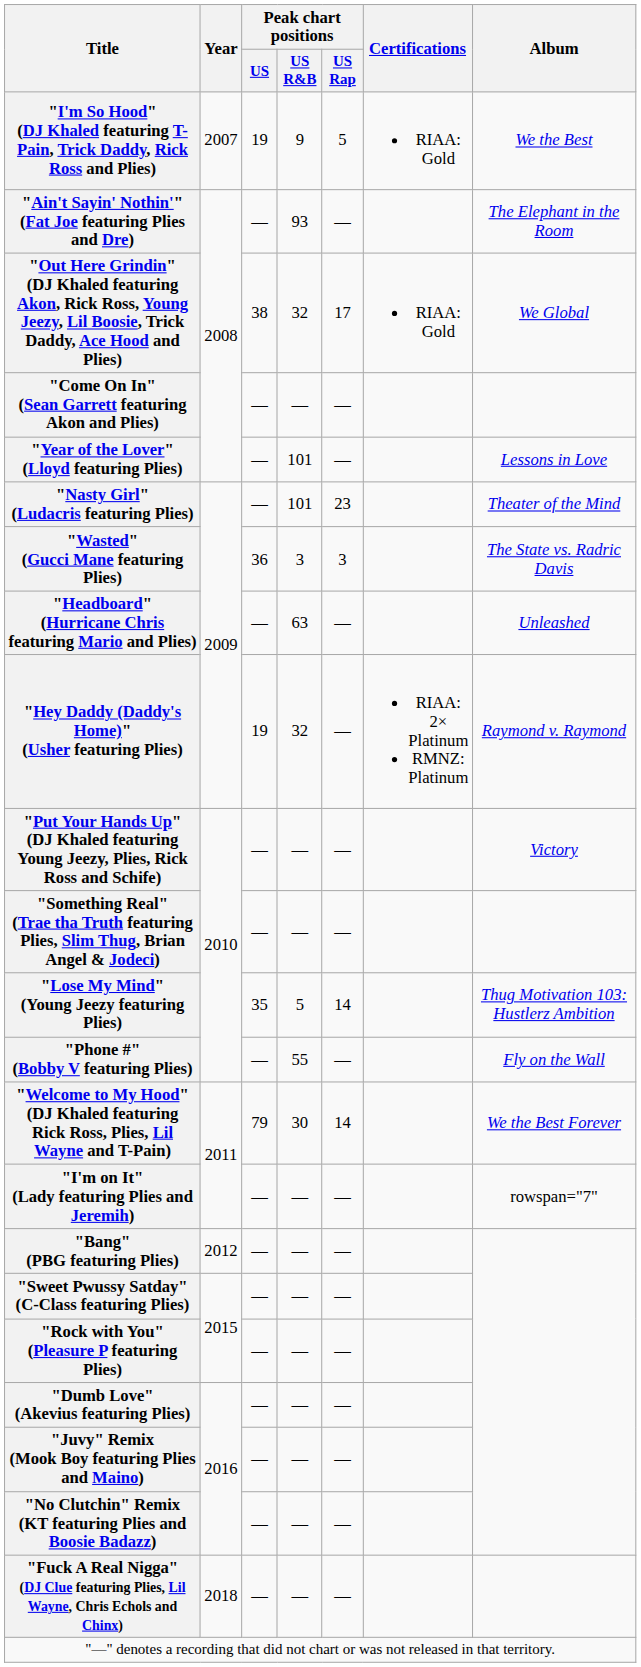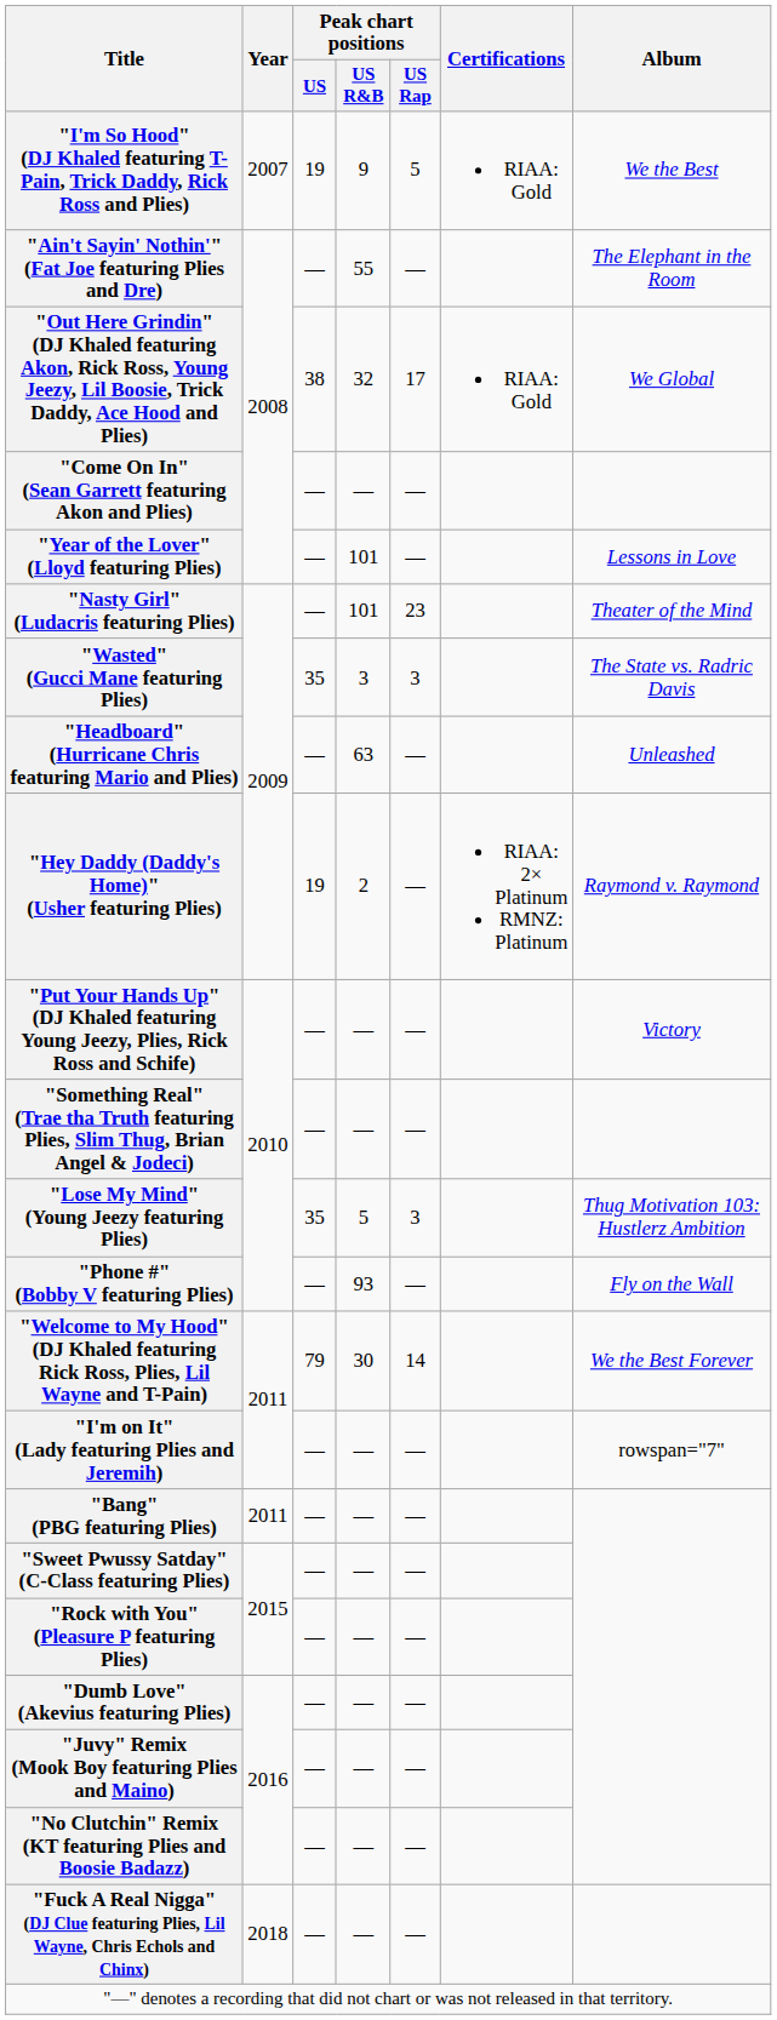 <table class="wikitable plainrowheaders" style="text-align:center;" border="1">
 <tr>
 <th scope="col" rowspan="2" style="width:20em;">Title</th>
 <th scope="col" rowspan="2">Year</th>
 <th scope="col" colspan="3">Peak chart positions</th>
 <th scope="col" rowspan="2"><a href='#'>Certifications</a></th>
 <th scope="col" rowspan="2" style="width:16em;">Album</th>
 </tr>
 <tr>
 <th style="width:3em;font-size:90%;"><a href='#'>US</a></th>
 <th style="width:3em;font-size:90%;"><a href='#'>US<br>R&B</a></th>
 <th style="width:3em;font-size:90%;"><a href='#'>US<br>Rap</a></th>
 </tr>
 <tr>
 <th scope="row">"<a href='#'>I'm So Hood</a>"<br><span>(<a href='#'>DJ Khaled</a> featuring <a href='#'>T-Pain</a>, <a href='#'>Trick Daddy</a>, <a href='#'>Rick Ross</a> and Plies)</span></th>
 <td>2007</td>
 <td>19</td>
 <td>9</td>
 <td>5</td>
 <td><br><ul><li>RIAA: Gold</li></ul></td>
 <td><em><a href='#'>We the Best</a></em></td>
 </tr>
 <tr>
 <th scope="row">"<a href='#'>Ain't Sayin' Nothin'</a>"<br><span>(<a href='#'>Fat Joe</a> featuring Plies and <a href='#'>Dre</a>)</span></th>
 <td rowspan="4">2008</td>
 <td>—</td>
-<td>93</td>
+<td>55</td>
 <td>—</td>
 <td></td>
 <td><em><a href='#'>The Elephant in the Room</a></em></td>
 </tr>
 <tr>
 <th scope="row">"<a href='#'>Out Here Grindin</a>"<br><span>(DJ Khaled featuring <a href='#'>Akon</a>, Rick Ross, <a href='#'>Young Jeezy</a>, <a href='#'>Lil Boosie</a>, Trick Daddy, <a href='#'>Ace Hood</a> and Plies)</span></th>
 <td>38</td>
 <td>32</td>
 <td>17</td>
 <td><br><ul><li>RIAA: Gold</li></ul></td>
 <td><em><a href='#'>We Global</a></em></td>
 </tr>
 <tr>
 <th scope="row">"Come On In"<br><span>(<a href='#'>Sean Garrett</a> featuring Akon and Plies)</span></th>
 <td>—</td>
 <td>—</td>
 <td>—</td>
 <td></td>
 <td></td>
 </tr>
 <tr>
 <th scope="row">"<a href='#'>Year of the Lover</a>"<br><span>(<a href='#'>Lloyd</a> featuring Plies)</span></th>
 <td>—</td>
 <td>101</td>
 <td>—</td>
 <td></td>
 <td><em><a href='#'>Lessons in Love</a></em></td>
 </tr>
 <tr>
 <th scope="row">"<a href='#'>Nasty Girl</a>"<br><span>(<a href='#'>Ludacris</a> featuring Plies)</span></th>
 <td rowspan="4">2009</td>
 <td>—</td>
 <td>101</td>
 <td>23</td>
 <td></td>
 <td><em><a href='#'>Theater of the Mind</a></em></td>
 </tr>
 <tr>
 <th scope="row">"<a href='#'>Wasted</a>"<br><span>(<a href='#'>Gucci Mane</a> featuring Plies)</span></th>
-<td>36</td>
+<td>35</td>
 <td>3</td>
 <td>3</td>
 <td></td>
 <td><em><a href='#'>The State vs. Radric Davis</a></em></td>
 </tr>
 <tr>
 <th scope="row">"<a href='#'>Headboard</a>"<br><span>(<a href='#'>Hurricane Chris</a> featuring <a href='#'>Mario</a> and Plies)</span></th>
 <td>—</td>
 <td>63</td>
 <td>—</td>
 <td></td>
 <td><em><a href='#'>Unleashed</a></em></td>
 </tr>
 <tr>
 <th scope="row">"<a href='#'>Hey Daddy (Daddy's Home)</a>"<br><span>(<a href='#'>Usher</a> featuring Plies)</span></th>
 <td>19</td>
-<td>32</td>
+<td>2</td>
 <td>—</td>
 <td><br><ul><li>RIAA: 2× Platinum</li><li>RMNZ: Platinum</li></ul></td>
 <td><em><a href='#'>Raymond v. Raymond</a></em></td>
 </tr>
 <tr>
 <th scope="row">"<a href='#'>Put Your Hands Up</a>"<br><span>(DJ Khaled featuring Young Jeezy, Plies, Rick Ross and Schife)</span></th>
 <td rowspan="4">2010</td>
 <td>—</td>
 <td>—</td>
 <td>—</td>
 <td></td>
 <td><em><a href='#'>Victory</a></em></td>
 </tr>
 <tr>
 <th scope="row">"Something Real"<br><span>(<a href='#'>Trae tha Truth</a> featuring Plies, <a href='#'>Slim Thug</a>, Brian Angel & <a href='#'>Jodeci</a>)</span></th>
 <td>—</td>
 <td>—</td>
 <td>—</td>
 <td></td>
 <td></td>
 </tr>
 <tr>
 <th scope="row">"<a href='#'>Lose My Mind</a>"<br><span>(Young Jeezy featuring Plies)</span></th>
 <td>35</td>
 <td>5</td>
-<td>14</td>
+<td>3</td>
 <td></td>
 <td><em><a href='#'>Thug Motivation 103: Hustlerz Ambition</a></em></td>
 </tr>
 <tr>
 <th scope="row">"Phone #"<br><span>(<a href='#'>Bobby V</a> featuring Plies)</span></th>
 <td>—</td>
-<td>55</td>
+<td>93</td>
 <td>—</td>
 <td></td>
 <td><em><a href='#'>Fly on the Wall</a></em></td>
 </tr>
 <tr>
 <th scope="row">"<a href='#'>Welcome to My Hood</a>"<br><span>(DJ Khaled featuring Rick Ross, Plies, <a href='#'>Lil Wayne</a> and T-Pain)</span></th>
 <td rowspan="2">2011</td>
 <td>79</td>
 <td>30</td>
 <td>14</td>
 <td></td>
 <td><em><a href='#'>We the Best Forever</a></em></td>
 </tr>
 <tr>
 <th scope="row">"I'm on It"<br><span>(Lady featuring Plies and <a href='#'>Jeremih</a>)</span></th>
 <td>—</td>
 <td>—</td>
 <td>—</td>
 <td></td>
 <td>rowspan="7" </td>
 </tr>
 <tr>
 <th scope="row">"Bang"<br><span>(PBG featuring Plies)</span></th>
-<td>2012</td>
+<td>2011</td>
 <td>—</td>
 <td>—</td>
 <td>—</td>
 <td></td>
 </tr>
 <tr>
 <th scope="row">"Sweet Pwussy Satday"<br><span>(C-Class featuring Plies)</span></th>
 <td rowspan="2">2015</td>
 <td>—</td>
 <td>—</td>
 <td>—</td>
 <td></td>
 </tr>
 <tr>
 <th scope="row">"Rock with You"<br><span>(<a href='#'>Pleasure P</a> featuring Plies)</span></th>
 <td>—</td>
 <td>—</td>
 <td>—</td>
 <td></td>
 </tr>
 <tr>
 <th scope="row">"Dumb Love"<br><span>(Akevius featuring Plies)</span></th>
 <td rowspan="3">2016</td>
 <td>—</td>
 <td>—</td>
 <td>—</td>
 <td></td>
 </tr>
 <tr>
 <th scope="row">"Juvy" Remix<br><span>(Mook Boy featuring Plies and <a href='#'>Maino</a>)</span></th>
 <td>—</td>
 <td>—</td>
 <td>—</td>
 <td></td>
 </tr>
 <tr>
 <th scope="row">"No Clutchin" Remix<br><span>(KT featuring Plies and <a href='#'>Boosie Badazz</a>)</span></th>
 <td>—</td>
 <td>—</td>
 <td>—</td>
 <td></td>
 </tr>
 <tr>
 <th scope="row">"Fuck A Real Nigga"<br><small>(<a href='#'>DJ Clue</a> featuring Plies, <a href='#'>Lil Wayne</a>, Chris Echols and <a href='#'>Chinx</a>)</small></th>
 <td>2018</td>
 <td>—</td>
 <td>—</td>
 <td>—</td>
 <td></td>
 <td></td>
 </tr>
 <tr>
 <td colspan="7" style="font-size:90%">"—" denotes a recording that did not chart or was not released in that territory.</td>
 </tr>
 </table>
